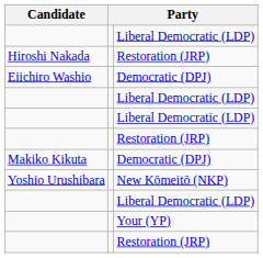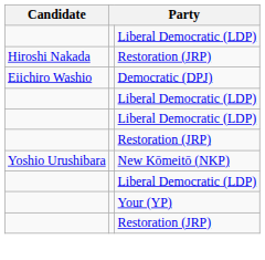 <table class="wikitable">
 <tr>
 <th>Candidate</th>
 <th colspan="2">Party</th>
 </tr>
 <tr>
 <td></td>
 <td></td>
 <td><a href='#'>Liberal Democratic (LDP)</a></td>
 </tr>
 <tr>
 <td><a href='#'>Hiroshi Nakada</a></td>
 <td></td>
 <td><a href='#'>Restoration (JRP)</a></td>
 </tr>
 <tr>
 <td><a href='#'>Eiichiro Washio</a></td>
 <td></td>
 <td><a href='#'>Democratic (DPJ)</a></td>
 </tr>
 <tr>
 <td></td>
 <td></td>
 <td><a href='#'>Liberal Democratic (LDP)</a></td>
 </tr>
 <tr>
 <td></td>
 <td></td>
 <td><a href='#'>Liberal Democratic (LDP)</a></td>
 </tr>
 <tr>
 <td></td>
 <td></td>
 <td><a href='#'>Restoration (JRP)</a></td>
 </tr>
 <tr>
-<td><a href='#'>Makiko Kikuta</a></td>
-<td></td>
-<td><a href='#'>Democratic (DPJ)</a></td>
-</tr>
-<tr>
 <td><a href='#'>Yoshio Urushibara</a></td>
 <td></td>
 <td><a href='#'>New Kōmeitō (NKP)</a></td>
 </tr>
 <tr>
 <td></td>
 <td></td>
 <td><a href='#'>Liberal Democratic (LDP)</a></td>
 </tr>
 <tr>
 <td></td>
 <td></td>
 <td><a href='#'>Your (YP)</a></td>
 </tr>
 <tr>
 <td></td>
 <td></td>
 <td><a href='#'>Restoration (JRP)</a></td>
 </tr>
 </table>
